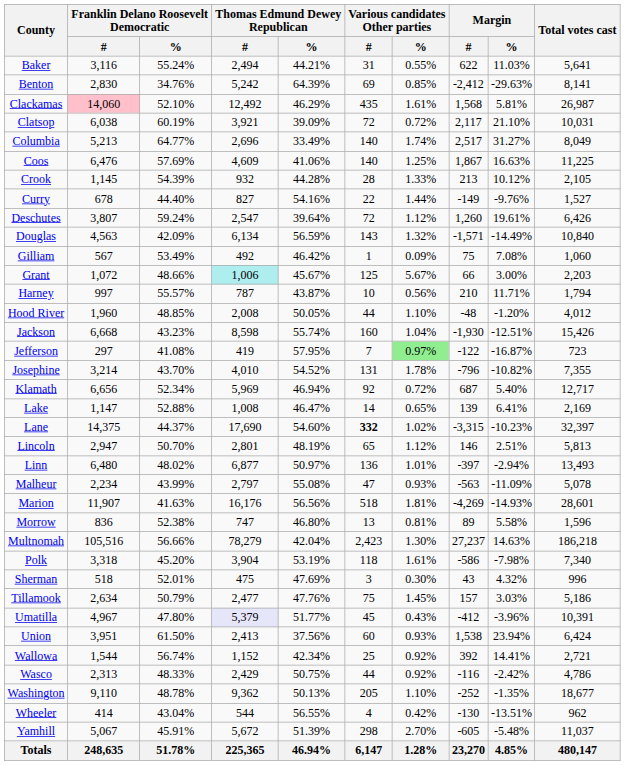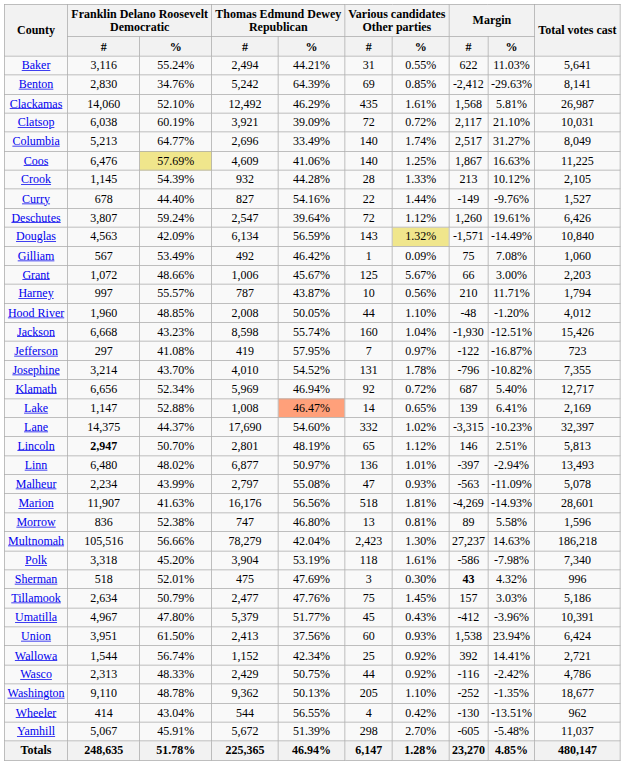 <table width="65%"  class="wikitable sortable" style="text-align:center">
 <tr>
 <th style="text-align:center;" rowspan="2">County</th>
 <th style="text-align:center;" colspan="2">Franklin Delano Roosevelt<br>Democratic</th>
 <th style="text-align:center;" colspan="2">Thomas Edmund Dewey<br>Republican</th>
 <th style="text-align:center;" colspan="2">Various candidates<br>Other parties</th>
 <th style="text-align:center;" colspan="2">Margin</th>
 <th style="text-align:center;" rowspan="2">Total votes cast</th>
 </tr>
 <tr>
 <th style="text-align:center;" data-sort-type="number">#</th>
 <th style="text-align:center;" data-sort-type="number">%</th>
 <th style="text-align:center;" data-sort-type="number">#</th>
 <th style="text-align:center;" data-sort-type="number">%</th>
 <th style="text-align:center;" data-sort-type="number">#</th>
 <th style="text-align:center;" data-sort-type="number">%</th>
 <th style="text-align:center;" data-sort-type="number">#</th>
 <th style="text-align:center;" data-sort-type="number">%</th>
 </tr>
 <tr style="text-align:center;">
 <td><a href='#'>Baker</a></td>
 <td>3,116</td>
 <td>55.24%</td>
 <td>2,494</td>
 <td>44.21%</td>
 <td>31</td>
 <td>0.55%</td>
 <td>622</td>
 <td>11.03%</td>
 <td>5,641</td>
 </tr>
 <tr style="text-align:center;">
 <td><a href='#'>Benton</a></td>
 <td>2,830</td>
 <td>34.76%</td>
 <td>5,242</td>
 <td>64.39%</td>
 <td>69</td>
 <td>0.85%</td>
 <td>-2,412</td>
 <td>-29.63%</td>
 <td>8,141</td>
 </tr>
 <tr style="text-align:center;">
 <td><a href='#'>Clackamas</a></td>
-<td style="background: pink;">14,060</td>
+<td>14,060</td>
 <td>52.10%</td>
 <td>12,492</td>
 <td>46.29%</td>
 <td>435</td>
 <td>1.61%</td>
 <td>1,568</td>
 <td>5.81%</td>
 <td>26,987</td>
 </tr>
 <tr style="text-align:center;">
 <td><a href='#'>Clatsop</a></td>
 <td>6,038</td>
 <td>60.19%</td>
 <td>3,921</td>
 <td>39.09%</td>
 <td>72</td>
 <td>0.72%</td>
 <td>2,117</td>
 <td>21.10%</td>
 <td>10,031</td>
 </tr>
 <tr style="text-align:center;">
 <td><a href='#'>Columbia</a></td>
 <td>5,213</td>
 <td>64.77%</td>
 <td>2,696</td>
 <td>33.49%</td>
 <td>140</td>
 <td>1.74%</td>
 <td>2,517</td>
 <td>31.27%</td>
 <td>8,049</td>
 </tr>
 <tr style="text-align:center;">
 <td><a href='#'>Coos</a></td>
 <td>6,476</td>
-<td>57.69%</td>
+<td style="background: khaki;">57.69%</td>
 <td>4,609</td>
 <td>41.06%</td>
 <td>140</td>
 <td>1.25%</td>
 <td>1,867</td>
 <td>16.63%</td>
 <td>11,225</td>
 </tr>
 <tr style="text-align:center;">
 <td><a href='#'>Crook</a></td>
 <td>1,145</td>
 <td>54.39%</td>
 <td>932</td>
 <td>44.28%</td>
 <td>28</td>
 <td>1.33%</td>
 <td>213</td>
 <td>10.12%</td>
 <td>2,105</td>
 </tr>
 <tr style="text-align:center;">
 <td><a href='#'>Curry</a></td>
 <td>678</td>
 <td>44.40%</td>
 <td>827</td>
 <td>54.16%</td>
 <td>22</td>
 <td>1.44%</td>
 <td>-149</td>
 <td>-9.76%</td>
 <td>1,527</td>
 </tr>
 <tr style="text-align:center;">
 <td><a href='#'>Deschutes</a></td>
 <td>3,807</td>
 <td>59.24%</td>
 <td>2,547</td>
 <td>39.64%</td>
 <td>72</td>
 <td>1.12%</td>
 <td>1,260</td>
 <td>19.61%</td>
 <td>6,426</td>
 </tr>
 <tr style="text-align:center;">
 <td><a href='#'>Douglas</a></td>
 <td>4,563</td>
 <td>42.09%</td>
 <td>6,134</td>
 <td>56.59%</td>
 <td>143</td>
-<td>1.32%</td>
+<td style="background: khaki;">1.32%</td>
 <td>-1,571</td>
 <td>-14.49%</td>
 <td>10,840</td>
 </tr>
 <tr style="text-align:center;">
 <td><a href='#'>Gilliam</a></td>
 <td>567</td>
 <td>53.49%</td>
 <td>492</td>
 <td>46.42%</td>
 <td>1</td>
 <td>0.09%</td>
 <td>75</td>
 <td>7.08%</td>
 <td>1,060</td>
 </tr>
 <tr style="text-align:center;">
 <td><a href='#'>Grant</a></td>
 <td>1,072</td>
 <td>48.66%</td>
-<td style="background: paleturquoise;">1,006</td>
+<td>1,006</td>
 <td>45.67%</td>
 <td>125</td>
 <td>5.67%</td>
 <td>66</td>
 <td>3.00%</td>
 <td>2,203</td>
 </tr>
 <tr style="text-align:center;">
 <td><a href='#'>Harney</a></td>
 <td>997</td>
 <td>55.57%</td>
 <td>787</td>
 <td>43.87%</td>
 <td>10</td>
 <td>0.56%</td>
 <td>210</td>
 <td>11.71%</td>
 <td>1,794</td>
 </tr>
 <tr style="text-align:center;">
 <td><a href='#'>Hood River</a></td>
 <td>1,960</td>
 <td>48.85%</td>
 <td>2,008</td>
 <td>50.05%</td>
 <td>44</td>
 <td>1.10%</td>
 <td>-48</td>
 <td>-1.20%</td>
 <td>4,012</td>
 </tr>
 <tr style="text-align:center;">
 <td><a href='#'>Jackson</a></td>
 <td>6,668</td>
 <td>43.23%</td>
 <td>8,598</td>
 <td>55.74%</td>
 <td>160</td>
 <td>1.04%</td>
 <td>-1,930</td>
 <td>-12.51%</td>
 <td>15,426</td>
 </tr>
 <tr style="text-align:center;">
 <td><a href='#'>Jefferson</a></td>
 <td>297</td>
 <td>41.08%</td>
 <td>419</td>
 <td>57.95%</td>
 <td>7</td>
-<td style="background: lightgreen;">0.97%</td>
+<td>0.97%</td>
 <td>-122</td>
 <td>-16.87%</td>
 <td>723</td>
 </tr>
 <tr style="text-align:center;">
 <td><a href='#'>Josephine</a></td>
 <td>3,214</td>
 <td>43.70%</td>
 <td>4,010</td>
 <td>54.52%</td>
 <td>131</td>
 <td>1.78%</td>
 <td>-796</td>
 <td>-10.82%</td>
 <td>7,355</td>
 </tr>
 <tr style="text-align:center;">
 <td><a href='#'>Klamath</a></td>
 <td>6,656</td>
 <td>52.34%</td>
 <td>5,969</td>
 <td>46.94%</td>
 <td>92</td>
 <td>0.72%</td>
 <td>687</td>
 <td>5.40%</td>
 <td>12,717</td>
 </tr>
 <tr style="text-align:center;">
 <td><a href='#'>Lake</a></td>
 <td>1,147</td>
 <td>52.88%</td>
 <td>1,008</td>
-<td>46.47%</td>
+<td style="background: lightsalmon;">46.47%</td>
 <td>14</td>
 <td>0.65%</td>
 <td>139</td>
 <td>6.41%</td>
 <td>2,169</td>
 </tr>
 <tr style="text-align:center;">
 <td><a href='#'>Lane</a></td>
 <td>14,375</td>
 <td>44.37%</td>
 <td>17,690</td>
 <td>54.60%</td>
-<td><strong>332</strong></td>
+<td>332</td>
 <td>1.02%</td>
 <td>-3,315</td>
 <td>-10.23%</td>
 <td>32,397</td>
 </tr>
 <tr style="text-align:center;">
 <td><a href='#'>Lincoln</a></td>
-<td>2,947</td>
+<td><strong>2,947</strong></td>
 <td>50.70%</td>
 <td>2,801</td>
 <td>48.19%</td>
 <td>65</td>
 <td>1.12%</td>
 <td>146</td>
 <td>2.51%</td>
 <td>5,813</td>
 </tr>
 <tr style="text-align:center;">
 <td><a href='#'>Linn</a></td>
 <td>6,480</td>
 <td>48.02%</td>
 <td>6,877</td>
 <td>50.97%</td>
 <td>136</td>
 <td>1.01%</td>
 <td>-397</td>
 <td>-2.94%</td>
 <td>13,493</td>
 </tr>
 <tr style="text-align:center;">
 <td><a href='#'>Malheur</a></td>
 <td>2,234</td>
 <td>43.99%</td>
 <td>2,797</td>
 <td>55.08%</td>
 <td>47</td>
 <td>0.93%</td>
 <td>-563</td>
 <td>-11.09%</td>
 <td>5,078</td>
 </tr>
 <tr style="text-align:center;">
 <td><a href='#'>Marion</a></td>
 <td>11,907</td>
 <td>41.63%</td>
 <td>16,176</td>
 <td>56.56%</td>
 <td>518</td>
 <td>1.81%</td>
 <td>-4,269</td>
 <td>-14.93%</td>
 <td>28,601</td>
 </tr>
 <tr style="text-align:center;">
 <td><a href='#'>Morrow</a></td>
 <td>836</td>
 <td>52.38%</td>
 <td>747</td>
 <td>46.80%</td>
 <td>13</td>
 <td>0.81%</td>
 <td>89</td>
 <td>5.58%</td>
 <td>1,596</td>
 </tr>
 <tr style="text-align:center;">
 <td><a href='#'>Multnomah</a></td>
 <td>105,516</td>
 <td>56.66%</td>
 <td>78,279</td>
 <td>42.04%</td>
 <td>2,423</td>
 <td>1.30%</td>
 <td>27,237</td>
 <td>14.63%</td>
 <td>186,218</td>
 </tr>
 <tr style="text-align:center;">
 <td><a href='#'>Polk</a></td>
 <td>3,318</td>
 <td>45.20%</td>
 <td>3,904</td>
 <td>53.19%</td>
 <td>118</td>
 <td>1.61%</td>
 <td>-586</td>
 <td>-7.98%</td>
 <td>7,340</td>
 </tr>
 <tr style="text-align:center;">
 <td><a href='#'>Sherman</a></td>
 <td>518</td>
 <td>52.01%</td>
 <td>475</td>
 <td>47.69%</td>
 <td>3</td>
 <td>0.30%</td>
-<td>43</td>
+<td><strong>43</strong></td>
 <td>4.32%</td>
 <td>996</td>
 </tr>
 <tr style="text-align:center;">
 <td><a href='#'>Tillamook</a></td>
 <td>2,634</td>
 <td>50.79%</td>
 <td>2,477</td>
 <td>47.76%</td>
 <td>75</td>
 <td>1.45%</td>
 <td>157</td>
 <td>3.03%</td>
 <td>5,186</td>
 </tr>
 <tr style="text-align:center;">
 <td><a href='#'>Umatilla</a></td>
 <td>4,967</td>
 <td>47.80%</td>
-<td style="background: lavender;">5,379</td>
+<td>5,379</td>
 <td>51.77%</td>
 <td>45</td>
 <td>0.43%</td>
 <td>-412</td>
 <td>-3.96%</td>
 <td>10,391</td>
 </tr>
 <tr style="text-align:center;">
 <td><a href='#'>Union</a></td>
 <td>3,951</td>
 <td>61.50%</td>
 <td>2,413</td>
 <td>37.56%</td>
 <td>60</td>
 <td>0.93%</td>
 <td>1,538</td>
 <td>23.94%</td>
 <td>6,424</td>
 </tr>
 <tr style="text-align:center;">
 <td><a href='#'>Wallowa</a></td>
 <td>1,544</td>
 <td>56.74%</td>
 <td>1,152</td>
 <td>42.34%</td>
 <td>25</td>
 <td>0.92%</td>
 <td>392</td>
 <td>14.41%</td>
 <td>2,721</td>
 </tr>
 <tr style="text-align:center;">
 <td><a href='#'>Wasco</a></td>
 <td>2,313</td>
 <td>48.33%</td>
 <td>2,429</td>
 <td>50.75%</td>
 <td>44</td>
 <td>0.92%</td>
 <td>-116</td>
 <td>-2.42%</td>
 <td>4,786</td>
 </tr>
 <tr style="text-align:center;">
 <td><a href='#'>Washington</a></td>
 <td>9,110</td>
 <td>48.78%</td>
 <td>9,362</td>
 <td>50.13%</td>
 <td>205</td>
 <td>1.10%</td>
 <td>-252</td>
 <td>-1.35%</td>
 <td>18,677</td>
 </tr>
 <tr style="text-align:center;">
 <td><a href='#'>Wheeler</a></td>
 <td>414</td>
 <td>43.04%</td>
 <td>544</td>
 <td>56.55%</td>
 <td>4</td>
 <td>0.42%</td>
 <td>-130</td>
 <td>-13.51%</td>
 <td>962</td>
 </tr>
 <tr style="text-align:center;">
 <td><a href='#'>Yamhill</a></td>
 <td>5,067</td>
 <td>45.91%</td>
 <td>5,672</td>
 <td>51.39%</td>
 <td>298</td>
 <td>2.70%</td>
 <td>-605</td>
 <td>-5.48%</td>
 <td>11,037</td>
 </tr>
 <tr style="text-align:center;">
 <th>Totals</th>
 <th>248,635</th>
 <th>51.78%</th>
 <th>225,365</th>
 <th>46.94%</th>
 <th>6,147</th>
 <th>1.28%</th>
 <th>23,270</th>
 <th>4.85%</th>
 <th>480,147</th>
 </tr>
 </table>
